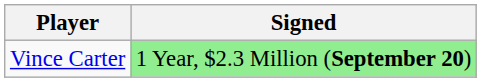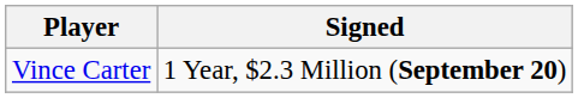 <table class="wikitable sortable sortable" style="text-align: center;">
 <tr>
 <th>Player</th>
 <th>Signed</th>
 </tr>
 <tr style="text-align: center">
 <td><a href='#'>Vince Carter</a></td>
-<td style="background: lightgreen;">1 Year, $2.3 Million (<strong>September 20</strong>)</td>
+<td>1 Year, $2.3 Million (<strong>September 20</strong>)</td>
 </tr>
 </table>
